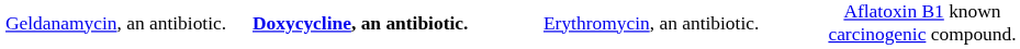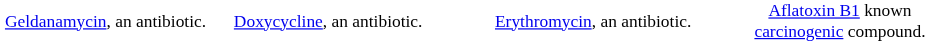 <table>
 <tr>
 <td></td>
 <td></td>
 <td></td>
 <td></td>
 </tr>
 <tr>
 <td style="text-align: center; font-size: 90%;" width=180px><a href='#'>Geldanamycin</a>, an antibiotic.</td>
-<td style="text-align: center; font-size: 90%;" width=180px><strong><a href='#'>Doxycycline</a>, an antibiotic.</strong></td>
+<td style="text-align: center; font-size: 90%;" width=180px><a href='#'>Doxycycline</a>, an antibiotic.</td>
 <td style="text-align: center; font-size: 90%;" width=250px><a href='#'>Erythromycin</a>, an antibiotic.</td>
 <td style="text-align: center; font-size: 90%;" width=150px><a href='#'>Aflatoxin B1</a> known <a href='#'>carcinogenic</a> compound.</td>
 </tr>
 </table>
